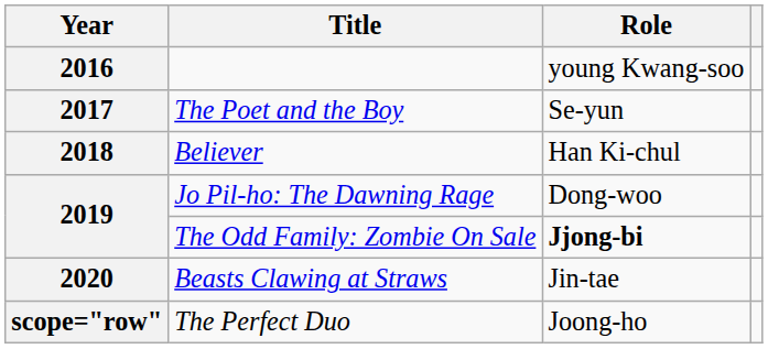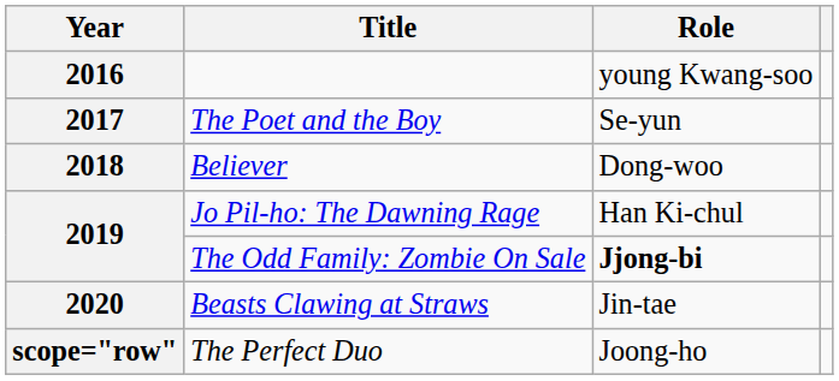 <table class="wikitable plainrowheaders sortable">
 <tr>
 <th scope="col">Year</th>
 <th scope="col">Title</th>
 <th scope="col">Role</th>
 <th scope="col" class="unsortable"></th>
 </tr>
 <tr>
 <th scope="row">2016</th>
 <td><em></em></td>
 <td>young Kwang-soo</td>
 <td style="text-align:center"></td>
 </tr>
 <tr>
 <th scope="row">2017</th>
 <td><em><a href='#'>The Poet and the Boy</a></em></td>
 <td>Se-yun</td>
 <td style="text-align:center"></td>
 </tr>
 <tr>
 <th scope="row">2018</th>
 <td><em><a href='#'>Believer</a></em></td>
-<td>Han Ki-chul</td>
+<td>Dong-woo</td>
 <td style="text-align:center"></td>
 </tr>
 <tr>
 <th scope="row" rowspan="2">2019</th>
 <td><em><a href='#'>Jo Pil-ho: The Dawning Rage</a></em></td>
-<td>Dong-woo</td>
+<td>Han Ki-chul</td>
 <td style="text-align:center"></td>
 </tr>
 <tr>
 <td><em><a href='#'>The Odd Family: Zombie On Sale</a></em></td>
 <td><strong>Jjong-bi</strong></td>
 <td style="text-align:center"></td>
 </tr>
 <tr>
 <th scope="row">2020</th>
 <td><em><a href='#'>Beasts Clawing at Straws</a></em></td>
 <td>Jin-tae</td>
 <td style="text-align:center"></td>
 </tr>
 <tr>
 <th>scope="row" </th>
 <td><em>The Perfect Duo</em></td>
 <td>Joong-ho</td>
 <td style="text-align:center"></td>
 </tr>
 </table>
